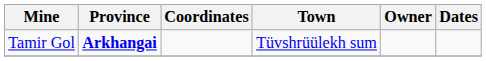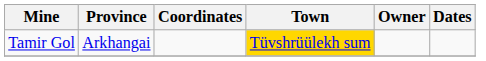 <table class="sortable wikitable">
 <tr>
 <th>Mine</th>
 <th>Province</th>
 <th>Coordinates</th>
 <th>Town</th>
 <th>Owner</th>
 <th>Dates</th>
 </tr>
 <tr>
 <td><a href='#'>Tamir Gol</a></td>
-<td><strong><a href='#'>Arkhangai</a></strong></td>
+<td><a href='#'>Arkhangai</a></td>
 <td></td>
-<td><a href='#'>Tüvshrüülekh sum</a></td>
+<td style="background: gold;"><a href='#'>Tüvshrüülekh sum</a></td>
 <td></td>
 <td></td>
 </tr>
 <tr>
 </tr>
 </table>
